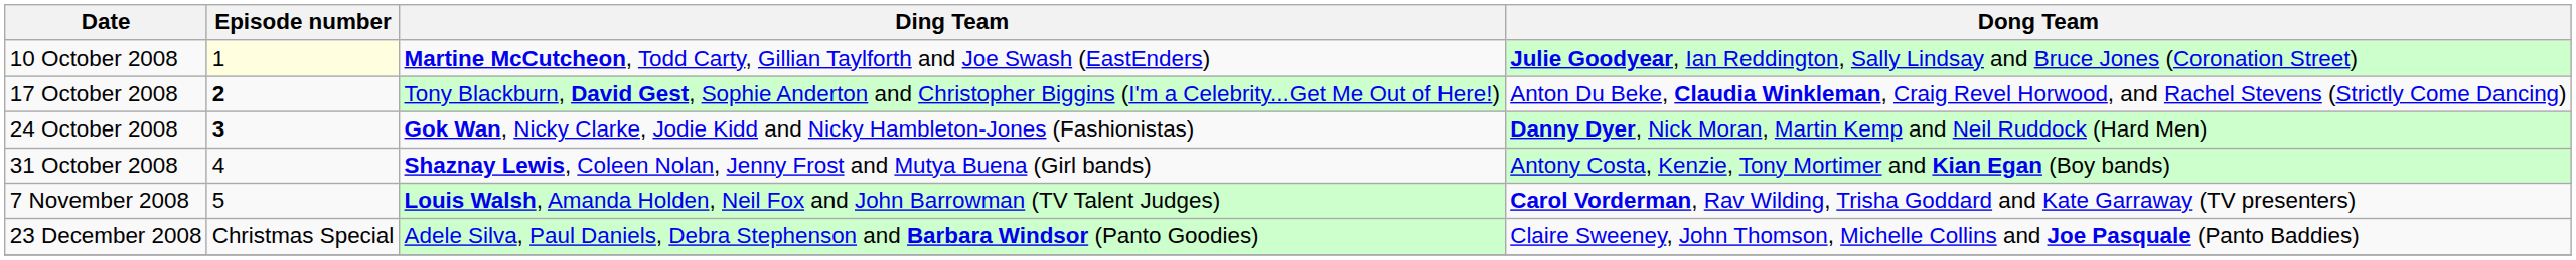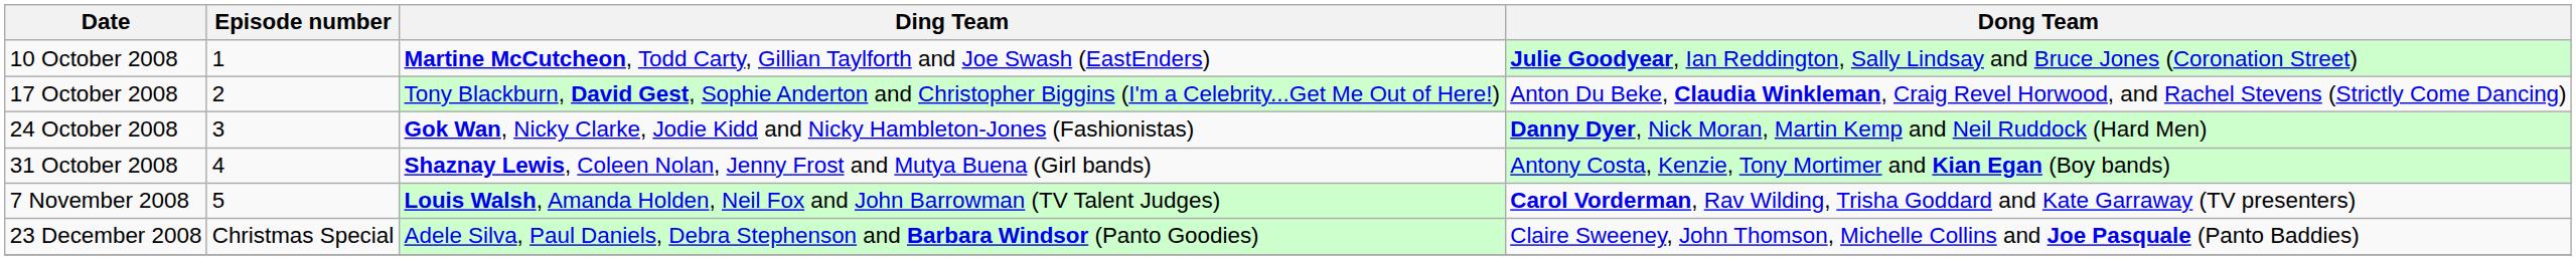 <table class="wikitable">
 <tr>
 <th>Date</th>
 <th>Episode number</th>
 <th>Ding Team</th>
 <th>Dong Team</th>
 </tr>
 <tr>
 <td>10 October 2008</td>
-<td style="background: lightyellow;">1</td>
+<td>1</td>
 <td><strong><a href='#'>Martine McCutcheon</a></strong>, <a href='#'>Todd Carty</a>, <a href='#'>Gillian Taylforth</a> and <a href='#'>Joe Swash</a> (<a href='#'>EastEnders</a>)</td>
 <td style="background:#CCFFCC;"><strong><a href='#'>Julie Goodyear</a></strong>, <a href='#'>Ian Reddington</a>, <a href='#'>Sally Lindsay</a> and <a href='#'>Bruce Jones</a> (<a href='#'>Coronation Street</a>)</td>
 </tr>
 <tr>
 <td>17 October 2008</td>
-<td><strong>2</strong></td>
+<td>2</td>
 <td style="background:#CCFFCC;"><a href='#'>Tony Blackburn</a>, <strong><a href='#'>David Gest</a></strong>, <a href='#'>Sophie Anderton</a> and <a href='#'>Christopher Biggins</a> (<a href='#'>I'm a Celebrity...Get Me Out of Here!</a>)</td>
 <td><a href='#'>Anton Du Beke</a>, <strong><a href='#'>Claudia Winkleman</a></strong>, <a href='#'>Craig Revel Horwood</a>, and <a href='#'>Rachel Stevens</a> (<a href='#'>Strictly Come Dancing</a>)</td>
 </tr>
 <tr>
 <td>24 October 2008</td>
-<td><strong>3</strong></td>
+<td>3</td>
 <td><strong><a href='#'>Gok Wan</a></strong>, <a href='#'>Nicky Clarke</a>, <a href='#'>Jodie Kidd</a> and <a href='#'>Nicky Hambleton-Jones</a> (Fashionistas)</td>
 <td style="background:#CCFFCC;"><strong><a href='#'>Danny Dyer</a></strong>, <a href='#'>Nick Moran</a>, <a href='#'>Martin Kemp</a> and <a href='#'>Neil Ruddock</a>  (Hard Men)</td>
 </tr>
 <tr>
 <td>31 October 2008</td>
 <td>4</td>
 <td><strong><a href='#'>Shaznay Lewis</a></strong>, <a href='#'>Coleen Nolan</a>, <a href='#'>Jenny Frost</a> and <a href='#'>Mutya Buena</a> (Girl bands)</td>
 <td style="background:#CCFFCC;"><a href='#'>Antony Costa</a>, <a href='#'>Kenzie</a>, <a href='#'>Tony Mortimer</a> and <strong><a href='#'>Kian Egan</a></strong> (Boy bands)</td>
 </tr>
 <tr>
 <td>7 November 2008</td>
 <td>5</td>
 <td style="background:#CCFFCC;"><strong><a href='#'>Louis Walsh</a></strong>, <a href='#'>Amanda Holden</a>, <a href='#'>Neil Fox</a> and <a href='#'>John Barrowman</a> (TV Talent Judges)</td>
 <td><strong><a href='#'>Carol Vorderman</a></strong>, <a href='#'>Rav Wilding</a>, <a href='#'>Trisha Goddard</a> and <a href='#'>Kate Garraway</a> (TV presenters)</td>
 </tr>
 <tr>
 <td>23 December 2008</td>
 <td>Christmas Special</td>
 <td style="background:#CCFFCC;"><a href='#'>Adele Silva</a>, <a href='#'>Paul Daniels</a>, <a href='#'>Debra Stephenson</a> and <strong><a href='#'>Barbara Windsor</a></strong> (Panto Goodies)</td>
 <td><a href='#'>Claire Sweeney</a>, <a href='#'>John Thomson</a>, <a href='#'>Michelle Collins</a> and <strong><a href='#'>Joe Pasquale</a></strong> (Panto Baddies)</td>
 </tr>
 <tr>
 </tr>
 </table>
